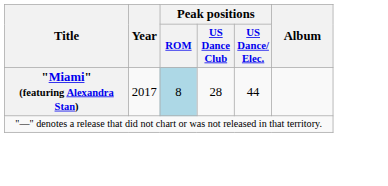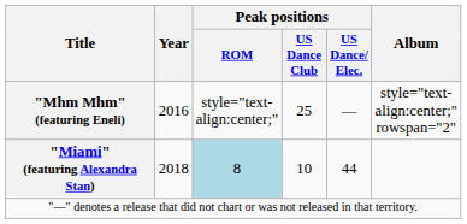 <table class="wikitable plainrowheaders" style="text-align:center;">
 <tr>
 <th rowspan="2" style="text-align:center; width:150px;">Title</th>
 <th rowspan="2" style="text-align:center; width:10px;">Year</th>
 <th style="text-align:center; width:20px;" colspan="3">Peak positions</th>
 <th rowspan="2" style="text-align:center; width:70px;">Album</th>
 </tr>
 <tr>
 <th scope="col" style="width:3em;font-size:85%;"><a href='#'>ROM</a><br></th>
 <th scope="col" style="width:3em;font-size:85%;"><a href='#'>US<br>Dance<br>Club</a><br></th>
 <th scope="col" style="width:3em;font-size:85%;"><a href='#'>US<br>Dance/<br>Elec.</a><br></th>
 </tr>
 <tr>
+<th scope="row">"Mhm Mhm" <br><small>(featuring Eneli)</small></th>
+<td style="text-align:center;">2016</td>
+<td>style="text-align:center;" </td>
+<td style="text-align:center;">25</td>
+<td style="text-align:center;">—</td>
+<td>style="text-align:center;" rowspan="2" </td>
+</tr>
+<tr>
 <th scope="row">"<a href='#'>Miami</a>" <br><small>(featuring <a href='#'>Alexandra Stan</a>)</small></th>
-<td style="text-align:center;">2017</td>
+<td style="text-align:center;">2018</td>
 <td style="background: lightblue; text-align:center;">8</td>
-<td style="text-align:center;">28</td>
+<td style="text-align:center;">10</td>
 <td style="text-align:center;">44</td>
 </tr>
 <tr>
 <td colspan="6" style="font-size:80%">"—" denotes a release that did not chart or was not released in that territory.</td>
 </tr>
 </table>
